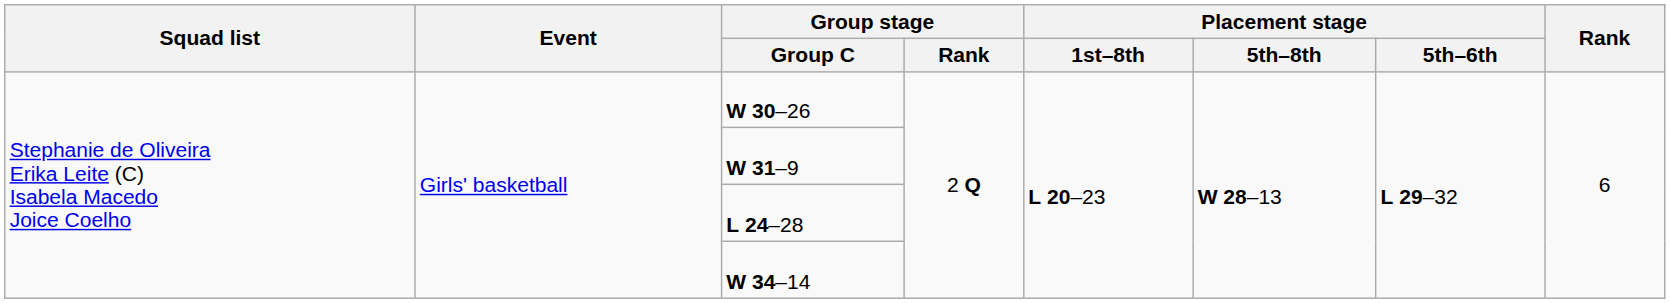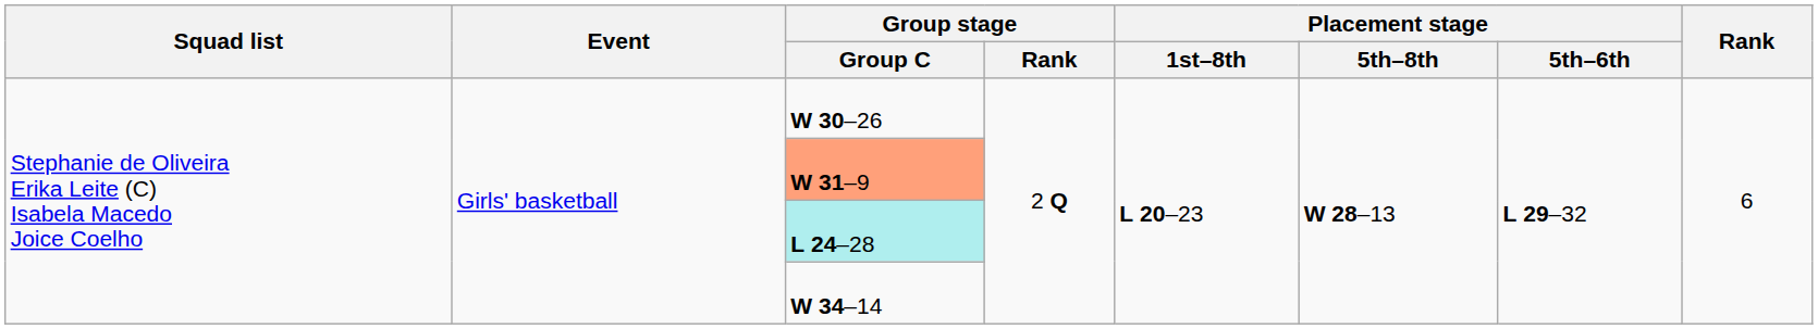 <table class="wikitable" width="90%" style="text-align:left; font-size:90%">
 <tr>
 <th rowspan="2">Squad list</th>
 <th rowspan="2">Event</th>
 <th colspan="2">Group stage</th>
 <th colspan="3">Placement stage</th>
 <th rowspan="2">Rank</th>
 </tr>
 <tr>
 <th>Group C</th>
 <th>Rank</th>
 <th>1st–8th</th>
 <th>5th–8th</th>
 <th>5th–6th</th>
 </tr>
 <tr>
 <td rowspan="4"><a href='#'>Stephanie de Oliveira</a><br><a href='#'>Erika Leite</a> (C)<br><a href='#'>Isabela Macedo</a><br><a href='#'>Joice Coelho</a></td>
 <td rowspan="4"><a href='#'>Girls' basketball</a></td>
 <td><br> <strong>W</strong> <strong>30</strong>–26</td>
 <td rowspan="4" align=center>2 <strong>Q</strong></td>
 <td rowspan="4"> <br> <strong>L</strong> <strong>20</strong>–23</td>
 <td rowspan="4"> <br> <strong>W</strong> <strong>28</strong>–13</td>
 <td rowspan="4"> <br> <strong>L</strong> <strong>29</strong>–32</td>
 <td rowspan="4" align="center">6</td>
 </tr>
 <tr>
-<td><br> <strong>W</strong> <strong>31</strong>–9</td>
+<td style="background: lightsalmon;"><br> <strong>W</strong> <strong>31</strong>–9</td>
 </tr>
 <tr>
-<td><br> <strong>L</strong> <strong>24</strong>–28</td>
+<td style="background: paleturquoise;"><br> <strong>L</strong> <strong>24</strong>–28</td>
 </tr>
 <tr>
 <td><br> <strong>W</strong> <strong>34</strong>–14</td>
 </tr>
 </table>
